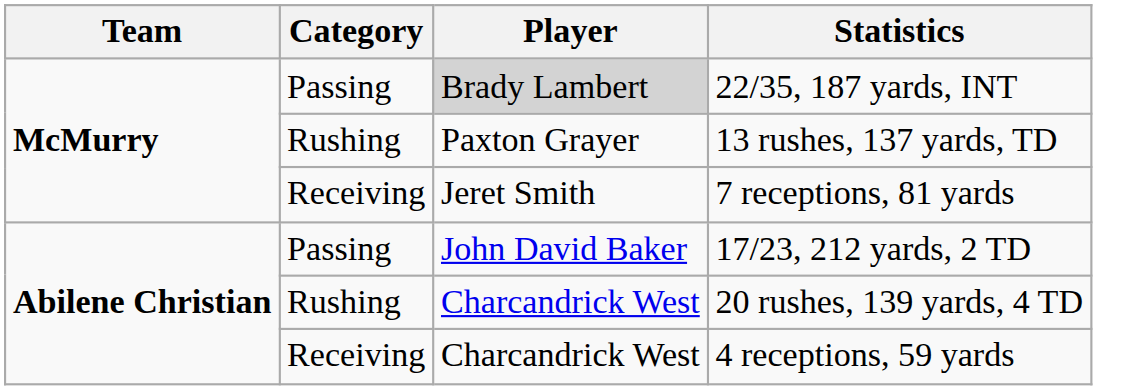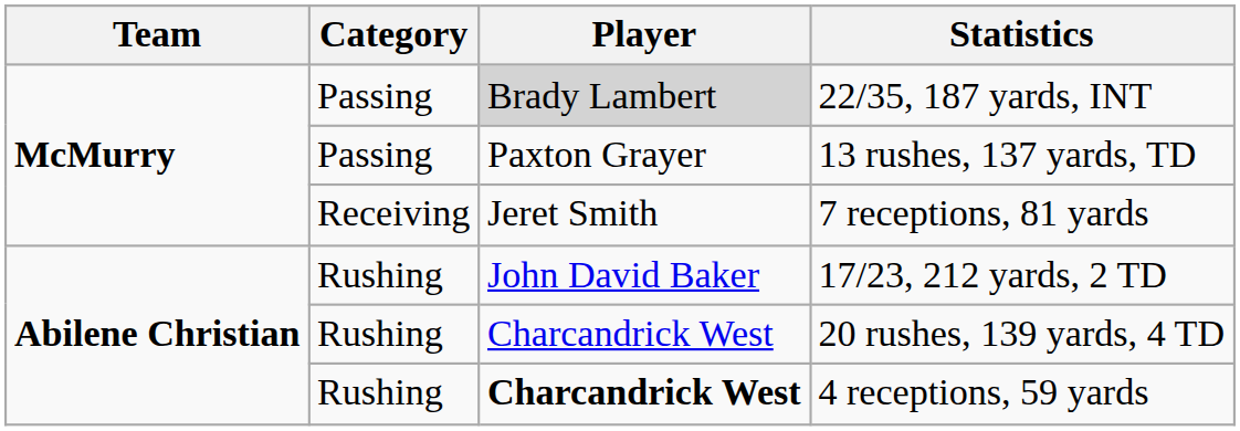 <table class="wikitable" style="float: left;">
 <tr>
 <th>Team</th>
 <th>Category</th>
 <th>Player</th>
 <th>Statistics</th>
 </tr>
 <tr>
 <td rowspan=3><strong>McMurry</strong></td>
 <td>Passing</td>
 <td style="background: lightgrey;">Brady Lambert</td>
 <td>22/35, 187 yards, INT</td>
 </tr>
 <tr>
-<td>Rushing</td>
+<td>Passing</td>
 <td>Paxton Grayer</td>
 <td>13 rushes, 137 yards, TD</td>
 </tr>
 <tr>
 <td>Receiving</td>
 <td>Jeret Smith</td>
 <td>7 receptions, 81 yards</td>
 </tr>
 <tr>
 <td rowspan=3><strong>Abilene Christian</strong></td>
-<td>Passing</td>
+<td>Rushing</td>
 <td><a href='#'>John David Baker</a></td>
 <td>17/23, 212 yards, 2 TD</td>
 </tr>
 <tr>
 <td>Rushing</td>
 <td><a href='#'>Charcandrick West</a></td>
 <td>20 rushes, 139 yards, 4 TD</td>
 </tr>
 <tr>
-<td>Receiving</td>
-<td>Charcandrick West</td>
+<td>Rushing</td>
+<td><strong>Charcandrick West</strong></td>
 <td>4 receptions, 59 yards</td>
 </tr>
 </table>
